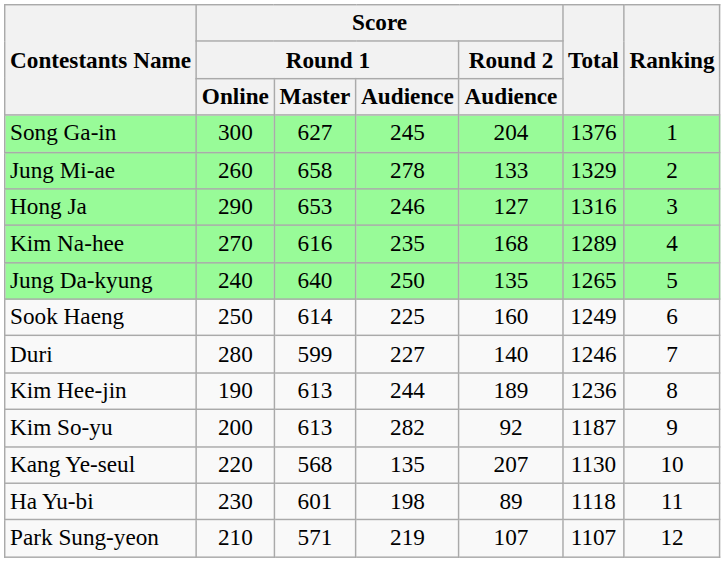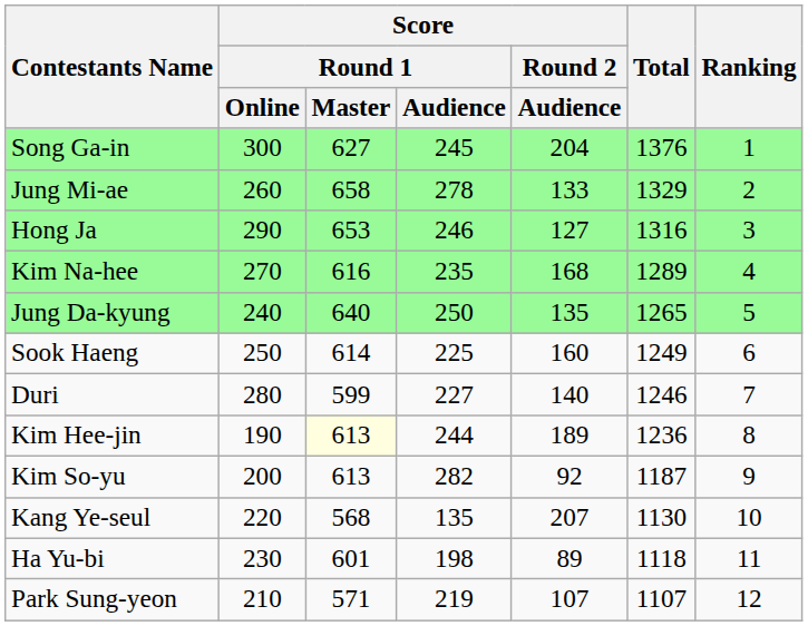 <table class="wikitable sortable">
 <tr>
 <th rowspan=3>Contestants Name</th>
 <th colspan=4>Score</th>
 <th rowspan=3>Total</th>
 <th rowspan=3>Ranking</th>
 </tr>
 <tr>
 <th colspan=3>Round 1</th>
 <th>Round 2</th>
 </tr>
 <tr>
 <th>Online</th>
 <th>Master</th>
 <th>Audience</th>
 <th>Audience</th>
 </tr>
 <tr align=center bgcolor="palegreen">
 <td align=left>Song Ga-in</td>
 <td>300</td>
 <td>627</td>
 <td>245</td>
 <td>204</td>
 <td>1376</td>
 <td>1</td>
 </tr>
 <tr align=center bgcolor="palegreen">
 <td align=left>Jung Mi-ae</td>
 <td>260</td>
 <td>658</td>
 <td>278</td>
 <td>133</td>
 <td>1329</td>
 <td>2</td>
 </tr>
 <tr align=center bgcolor="palegreen">
 <td align=left>Hong Ja</td>
 <td>290</td>
 <td>653</td>
 <td>246</td>
 <td>127</td>
 <td>1316</td>
 <td>3</td>
 </tr>
 <tr align=center bgcolor="palegreen">
 <td align=left>Kim Na-hee</td>
 <td>270</td>
 <td>616</td>
 <td>235</td>
 <td>168</td>
 <td>1289</td>
 <td>4</td>
 </tr>
 <tr align=center bgcolor="palegreen">
 <td align=left>Jung Da-kyung</td>
 <td>240</td>
 <td>640</td>
 <td>250</td>
 <td>135</td>
 <td>1265</td>
 <td>5</td>
 </tr>
 <tr align=center>
 <td align=left>Sook Haeng</td>
 <td>250</td>
 <td>614</td>
 <td>225</td>
 <td>160</td>
 <td>1249</td>
 <td>6</td>
 </tr>
 <tr align=center>
 <td align=left>Duri</td>
 <td>280</td>
 <td>599</td>
 <td>227</td>
 <td>140</td>
 <td>1246</td>
 <td>7</td>
 </tr>
 <tr align=center>
 <td align=left>Kim Hee-jin</td>
 <td>190</td>
-<td>613</td>
+<td style="background: lightyellow;">613</td>
 <td>244</td>
 <td>189</td>
 <td>1236</td>
 <td>8</td>
 </tr>
 <tr align=center>
 <td align=left>Kim So-yu</td>
 <td>200</td>
 <td>613</td>
 <td>282</td>
 <td>92</td>
 <td>1187</td>
 <td>9</td>
 </tr>
 <tr align=center>
 <td align=left>Kang Ye-seul</td>
 <td>220</td>
 <td>568</td>
 <td>135</td>
 <td>207</td>
 <td>1130</td>
 <td>10</td>
 </tr>
 <tr align=center>
 <td align=left>Ha Yu-bi</td>
 <td>230</td>
 <td>601</td>
 <td>198</td>
 <td>89</td>
 <td>1118</td>
 <td>11</td>
 </tr>
 <tr align=center>
 <td align=left>Park Sung-yeon</td>
 <td>210</td>
 <td>571</td>
 <td>219</td>
 <td>107</td>
 <td>1107</td>
 <td>12</td>
 </tr>
 </table>
